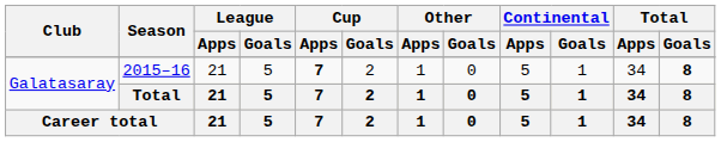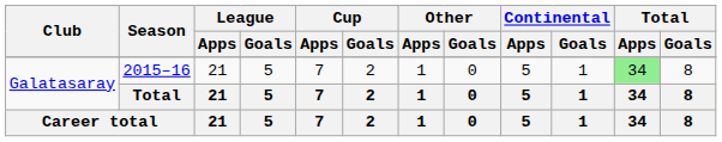 <table class="wikitable" style="text-align: center;">
 <tr>
 <th rowspan="2">Club</th>
 <th rowspan="2">Season</th>
 <th colspan="2">League</th>
 <th colspan="2">Cup</th>
 <th colspan="2">Other</th>
 <th colspan="2"><a href='#'>Continental</a></th>
 <th colspan="2">Total</th>
 </tr>
 <tr>
 <th>Apps</th>
 <th>Goals</th>
 <th>Apps</th>
 <th>Goals</th>
 <th>Apps</th>
 <th>Goals</th>
 <th>Apps</th>
 <th>Goals</th>
 <th>Apps</th>
 <th>Goals</th>
 </tr>
 <tr>
 </tr>
 <tr style="text-align:center;">
 <td rowspan="2" style="vertical-align:center;"><a href='#'>Galatasaray</a></td>
 <td><a href='#'>2015–16</a></td>
 <td>21</td>
 <td>5</td>
-<td><strong>7</strong></td>
+<td>7</td>
 <td>2</td>
 <td>1</td>
 <td>0</td>
 <td>5</td>
 <td>1</td>
-<td>34</td>
-<td><strong>8</strong></td>
+<td style="background: lightgreen;">34</td>
+<td>8</td>
 </tr>
 <tr style="background:lemonchiffon">
 <th>Total</th>
 <th>21</th>
 <th>5</th>
 <th>7</th>
 <th>2</th>
 <th>1</th>
 <th>0</th>
 <th>5</th>
 <th>1</th>
 <th>34</th>
 <th>8</th>
 </tr>
 <tr>
 <th colspan="2">Career total</th>
 <th>21</th>
 <th>5</th>
 <th>7</th>
 <th>2</th>
 <th>1</th>
 <th>0</th>
 <th>5</th>
 <th>1</th>
 <th>34</th>
 <th>8</th>
 </tr>
 </table>
